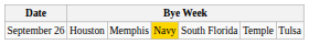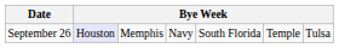 <table class="wikitable" style="font-size:95%;">
 <tr>
 <th>Date</th>
 <th colspan="6">Bye Week</th>
 </tr>
 <tr>
 <td>September 26</td>
-<td>Houston</td>
+<td style="background: lavender;">Houston</td>
 <td>Memphis</td>
-<td style="background: gold;">Navy</td>
+<td>Navy</td>
 <td>South Florida</td>
 <td>Temple</td>
 <td>Tulsa</td>
 </tr>
 </table>
